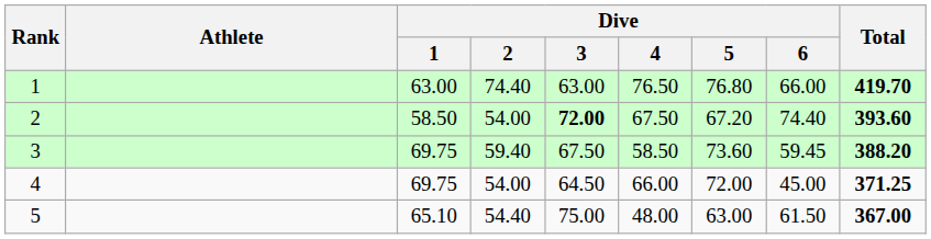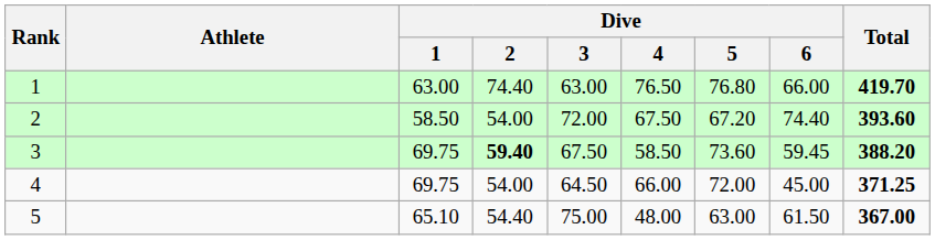 <table class="wikitable" style="text-align:center">
 <tr>
 <th rowspan="2" width="40">Rank</th>
 <th rowspan="2" width="250">Athlete</th>
 <th colspan="6">Dive</th>
 <th rowspan="2" width="60">Total</th>
 </tr>
 <tr>
 <th width="50">1</th>
 <th width="50">2</th>
 <th width="50">3</th>
 <th width="50">4</th>
 <th width="50">5</th>
 <th width="50">6</th>
 </tr>
 <tr bgcolor="ccffcc">
 <td>1</td>
 <td align="left"></td>
 <td>63.00</td>
 <td>74.40</td>
 <td>63.00</td>
 <td>76.50</td>
 <td>76.80</td>
 <td>66.00</td>
 <td><strong>419.70</strong></td>
 </tr>
 <tr bgcolor="ccffcc">
 <td>2</td>
 <td align="left"></td>
 <td>58.50</td>
 <td>54.00</td>
-<td><strong>72.00</strong></td>
+<td>72.00</td>
 <td>67.50</td>
 <td>67.20</td>
 <td>74.40</td>
 <td><strong>393.60</strong></td>
 </tr>
 <tr bgcolor="ccffcc">
 <td>3</td>
 <td align="left"></td>
 <td>69.75</td>
-<td>59.40</td>
+<td><strong>59.40</strong></td>
 <td>67.50</td>
 <td>58.50</td>
 <td>73.60</td>
 <td>59.45</td>
 <td><strong>388.20</strong></td>
 </tr>
 <tr>
 <td>4</td>
 <td align="left"></td>
 <td>69.75</td>
 <td>54.00</td>
 <td>64.50</td>
 <td>66.00</td>
 <td>72.00</td>
 <td>45.00</td>
 <td><strong>371.25</strong></td>
 </tr>
 <tr>
 <td>5</td>
 <td align="left"></td>
 <td>65.10</td>
 <td>54.40</td>
 <td>75.00</td>
 <td>48.00</td>
 <td>63.00</td>
 <td>61.50</td>
 <td><strong>367.00</strong></td>
 </tr>
 </table>
